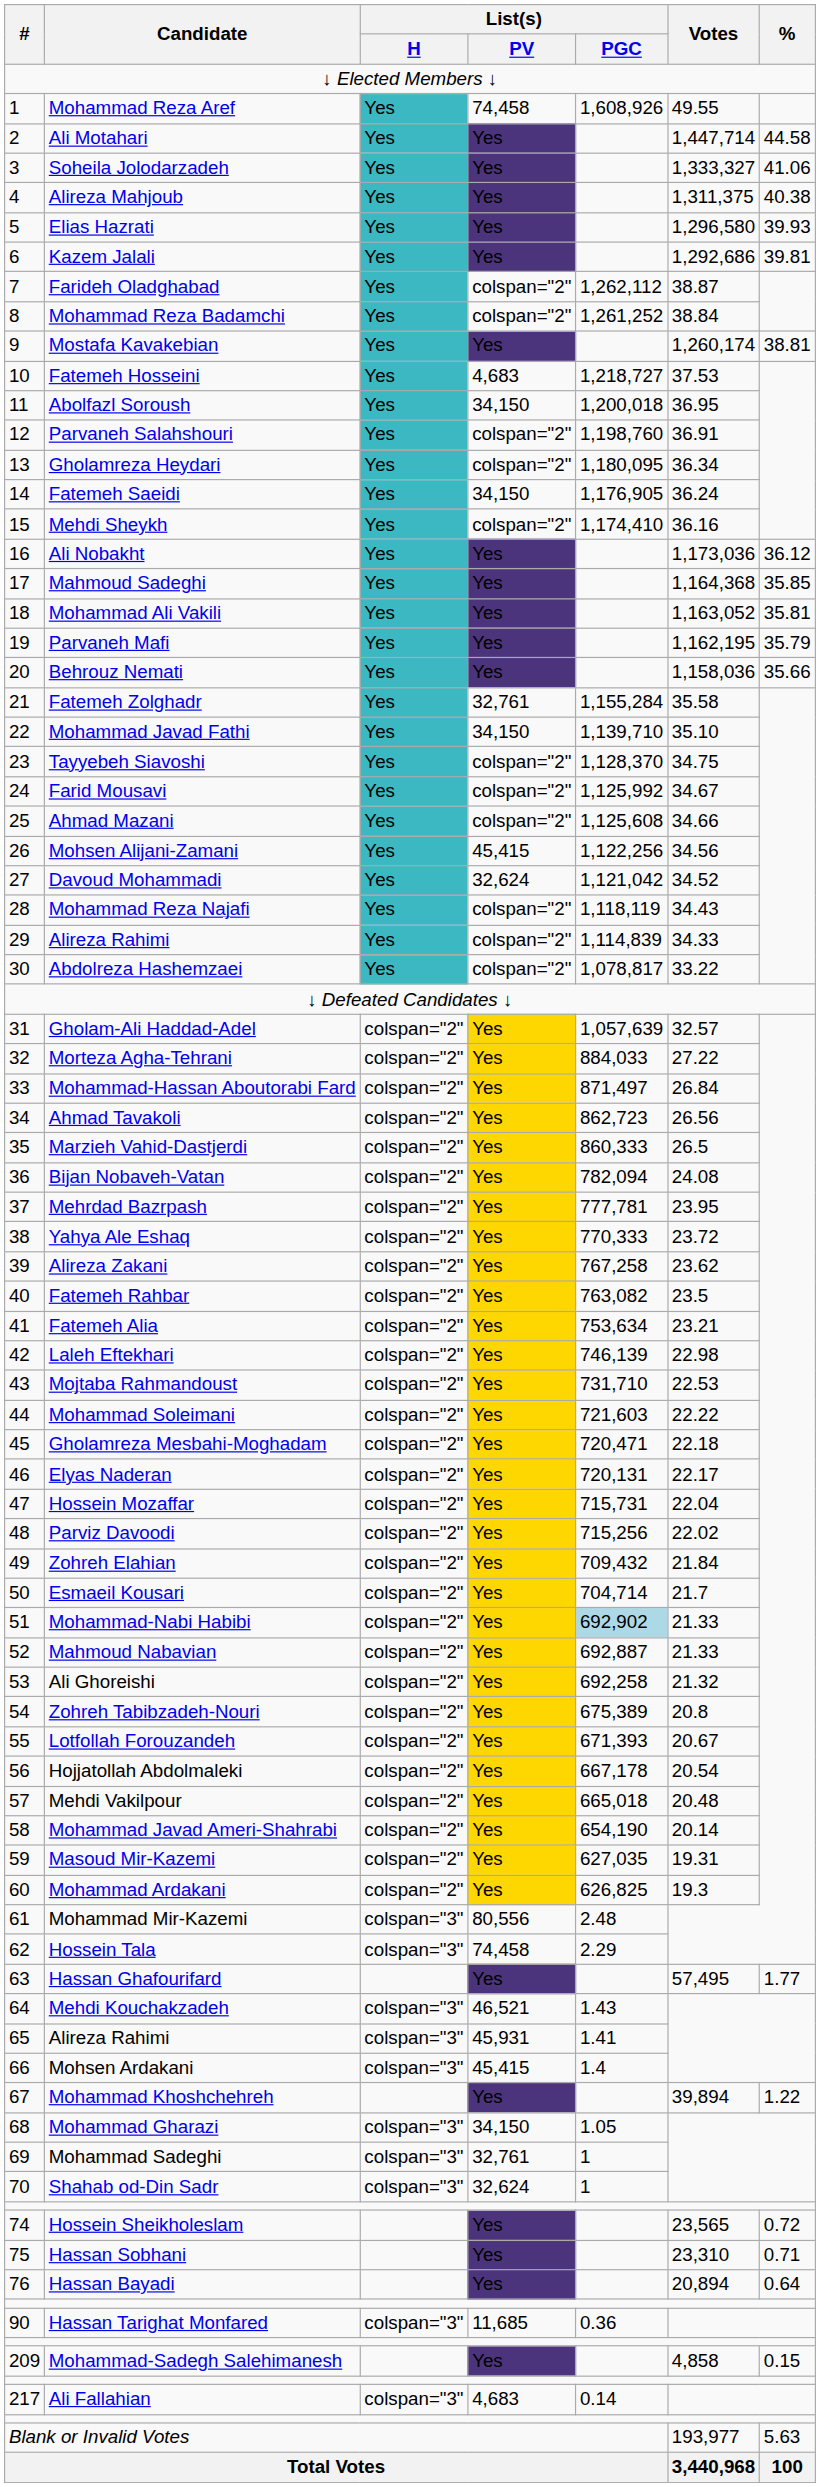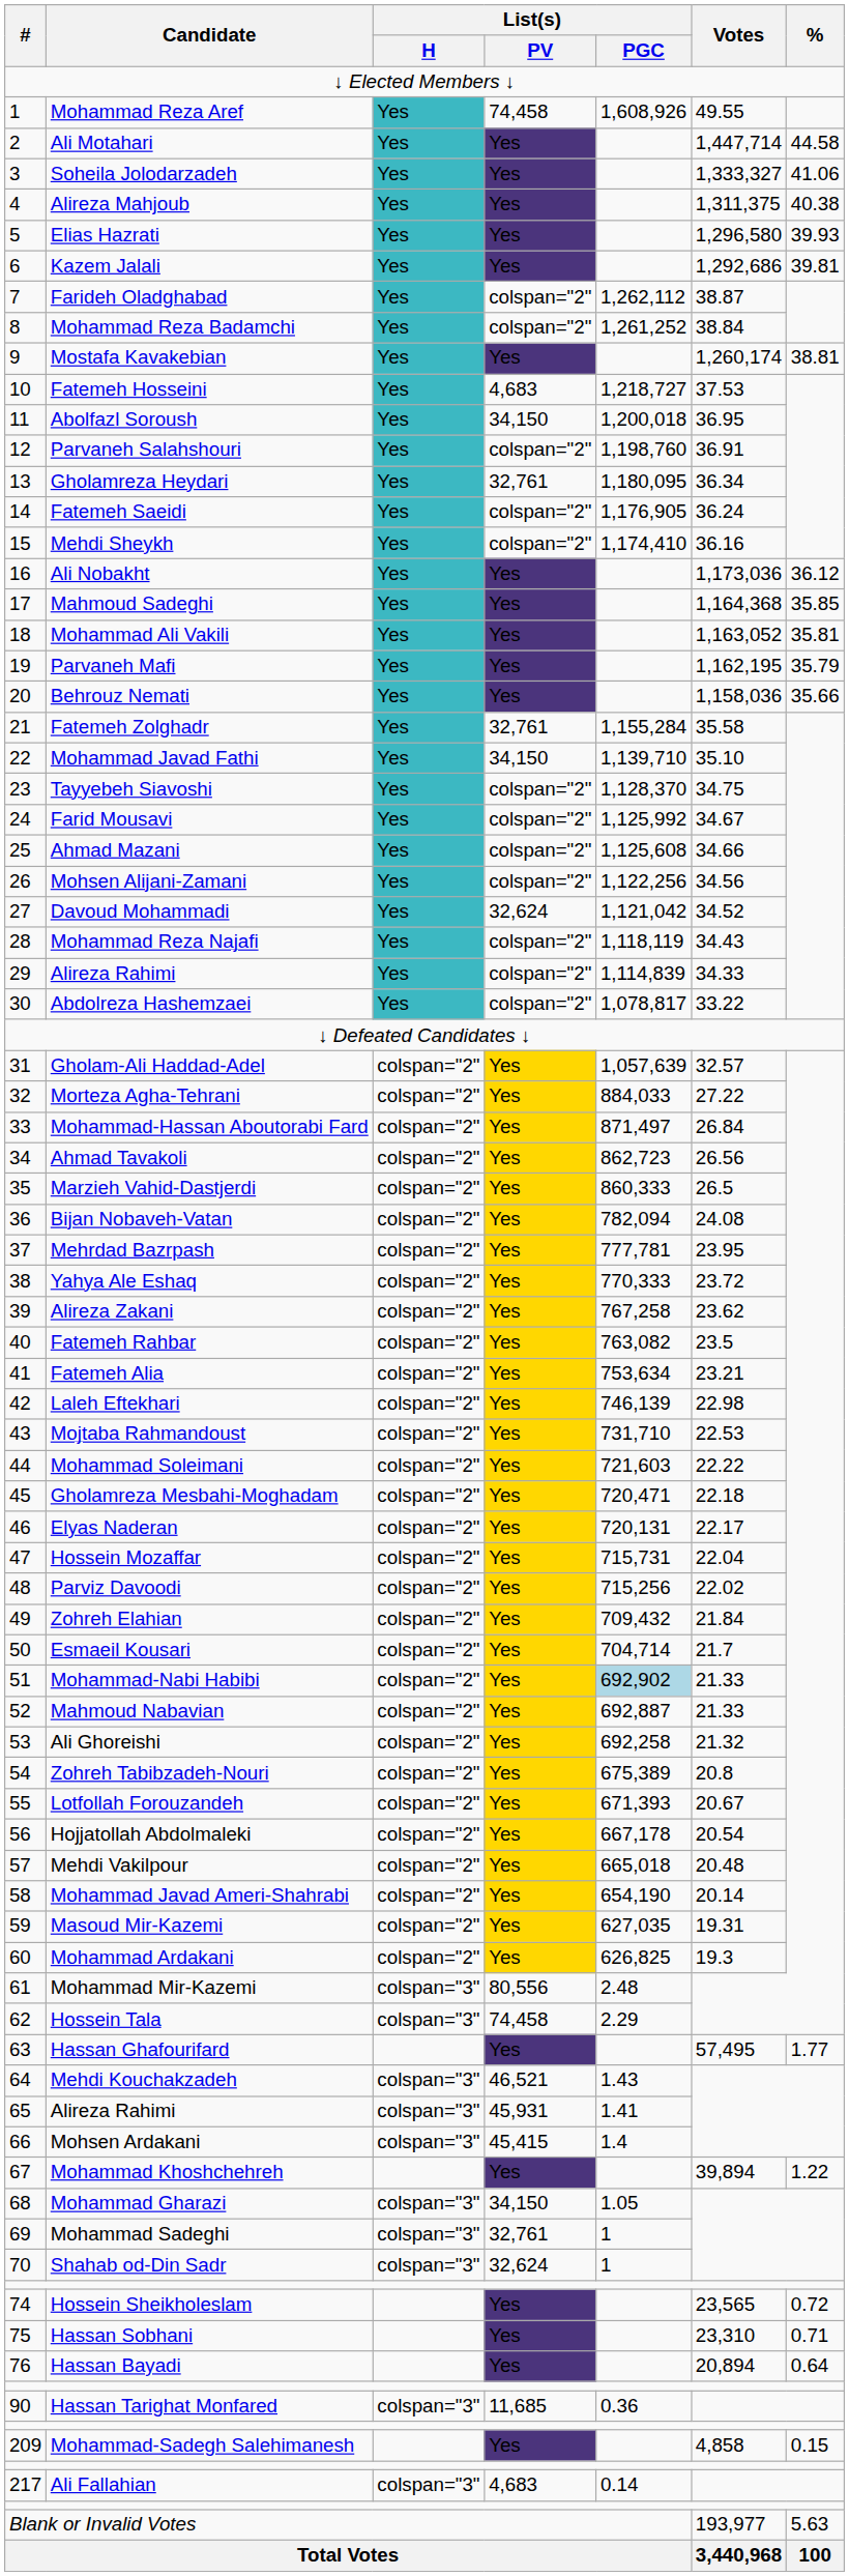 <table class="wikitable">
 <tr>
 <th rowspan="2">#</th>
 <th rowspan="2">Candidate</th>
 <th colspan="3">List(s)</th>
 <th rowspan="2">Votes</th>
 <th rowspan="2">%</th>
 </tr>
 <tr>
 <th><a href='#'>H</a></th>
 <th><a href='#'>PV</a></th>
 <th><a href='#'>PGC</a></th>
 </tr>
 <tr>
 <td align=center colspan="8">↓ <em>Elected Members</em> ↓</td>
 </tr>
 <tr>
 <td>1</td>
 <td><a href='#'>Mohammad Reza Aref</a></td>
 <td style="background:#3cb8c2;"><span>Yes</span></td>
 <td>74,458</td>
 <td>1,608,926</td>
 <td>49.55</td>
 </tr>
 <tr>
 <td>2</td>
 <td><a href='#'>Ali Motahari</a></td>
 <td style="background:#3cb8c2;"><span>Yes</span></td>
 <td style="background:#4b347c;"><span>Yes</span></td>
 <td></td>
 <td>1,447,714</td>
 <td>44.58</td>
 </tr>
 <tr>
 <td>3</td>
 <td><a href='#'>Soheila Jolodarzadeh</a></td>
 <td style="background:#3cb8c2;"><span>Yes</span></td>
 <td style="background:#4b347c;"><span>Yes</span></td>
 <td></td>
 <td>1,333,327</td>
 <td>41.06</td>
 </tr>
 <tr>
 <td>4</td>
 <td><a href='#'>Alireza Mahjoub</a></td>
 <td style="background:#3cb8c2;"><span>Yes</span></td>
 <td style="background:#4b347c;"><span>Yes</span></td>
 <td></td>
 <td>1,311,375</td>
 <td>40.38</td>
 </tr>
 <tr>
 <td>5</td>
 <td><a href='#'>Elias Hazrati</a></td>
 <td style="background:#3cb8c2;"><span>Yes</span></td>
 <td style="background:#4b347c;"><span>Yes</span></td>
 <td></td>
 <td>1,296,580</td>
 <td>39.93</td>
 </tr>
 <tr>
 <td>6</td>
 <td><a href='#'>Kazem Jalali</a></td>
 <td style="background:#3cb8c2;"><span>Yes</span></td>
 <td style="background:#4b347c;"><span>Yes</span></td>
 <td></td>
 <td>1,292,686</td>
 <td>39.81</td>
 </tr>
 <tr>
 <td>7</td>
 <td><a href='#'>Farideh Oladghabad</a></td>
 <td style="background:#3cb8c2;"><span>Yes</span></td>
 <td>colspan="2" </td>
 <td>1,262,112</td>
 <td>38.87</td>
 </tr>
 <tr>
 <td>8</td>
 <td><a href='#'>Mohammad Reza Badamchi</a></td>
 <td style="background:#3cb8c2;"><span>Yes</span></td>
 <td>colspan="2" </td>
 <td>1,261,252</td>
 <td>38.84</td>
 </tr>
 <tr>
 <td>9</td>
 <td><a href='#'>Mostafa Kavakebian</a></td>
 <td style="background:#3cb8c2;"><span>Yes</span></td>
 <td style="background:#4b347c;"><span>Yes</span></td>
 <td></td>
 <td>1,260,174</td>
 <td>38.81</td>
 </tr>
 <tr>
 <td>10</td>
 <td><a href='#'>Fatemeh Hosseini</a></td>
 <td style="background:#3cb8c2;"><span>Yes</span></td>
 <td>4,683</td>
 <td>1,218,727</td>
 <td>37.53</td>
 </tr>
 <tr>
 <td>11</td>
 <td><a href='#'>Abolfazl Soroush</a></td>
 <td style="background:#3cb8c2;"><span>Yes</span></td>
 <td>34,150</td>
 <td>1,200,018</td>
 <td>36.95</td>
 </tr>
 <tr>
 <td>12</td>
 <td><a href='#'>Parvaneh Salahshouri</a></td>
 <td style="background:#3cb8c2;"><span>Yes</span></td>
 <td>colspan="2" </td>
 <td>1,198,760</td>
 <td>36.91</td>
 </tr>
 <tr>
 <td>13</td>
 <td><a href='#'>Gholamreza Heydari</a></td>
 <td style="background:#3cb8c2;"><span>Yes</span></td>
-<td>colspan="2" </td>
+<td>32,761</td>
 <td>1,180,095</td>
 <td>36.34</td>
 </tr>
 <tr>
 <td>14</td>
 <td><a href='#'>Fatemeh Saeidi</a></td>
 <td style="background:#3cb8c2;"><span>Yes</span></td>
-<td>34,150</td>
+<td>colspan="2" </td>
 <td>1,176,905</td>
 <td>36.24</td>
 </tr>
 <tr>
 <td>15</td>
 <td><a href='#'>Mehdi Sheykh</a></td>
 <td style="background:#3cb8c2;"><span>Yes</span></td>
 <td>colspan="2" </td>
 <td>1,174,410</td>
 <td>36.16</td>
 </tr>
 <tr>
 <td>16</td>
 <td><a href='#'>Ali Nobakht</a></td>
 <td style="background:#3cb8c2;"><span>Yes</span></td>
 <td style="background:#4b347c;"><span>Yes</span></td>
 <td></td>
 <td>1,173,036</td>
 <td>36.12</td>
 </tr>
 <tr>
 <td>17</td>
 <td><a href='#'>Mahmoud Sadeghi</a></td>
 <td style="background:#3cb8c2;"><span>Yes</span></td>
 <td style="background:#4b347c;"><span>Yes</span></td>
 <td></td>
 <td>1,164,368</td>
 <td>35.85</td>
 </tr>
 <tr>
 <td>18</td>
 <td><a href='#'>Mohammad Ali Vakili</a></td>
 <td style="background:#3cb8c2;"><span>Yes</span></td>
 <td style="background:#4b347c;"><span>Yes</span></td>
 <td></td>
 <td>1,163,052</td>
 <td>35.81</td>
 </tr>
 <tr>
 <td>19</td>
 <td><a href='#'>Parvaneh Mafi</a></td>
 <td style="background:#3cb8c2;"><span>Yes</span></td>
 <td style="background:#4b347c;"><span>Yes</span></td>
 <td></td>
 <td>1,162,195</td>
 <td>35.79</td>
 </tr>
 <tr>
 <td>20</td>
 <td><a href='#'>Behrouz Nemati</a></td>
 <td style="background:#3cb8c2;"><span>Yes</span></td>
 <td style="background:#4b347c;"><span>Yes</span></td>
 <td></td>
 <td>1,158,036</td>
 <td>35.66</td>
 </tr>
 <tr>
 <td>21</td>
 <td><a href='#'>Fatemeh Zolghadr</a></td>
 <td style="background:#3cb8c2;"><span>Yes</span></td>
 <td>32,761</td>
 <td>1,155,284</td>
 <td>35.58</td>
 </tr>
 <tr>
 <td>22</td>
 <td><a href='#'>Mohammad Javad Fathi</a></td>
 <td style="background:#3cb8c2;"><span>Yes</span></td>
 <td>34,150</td>
 <td>1,139,710</td>
 <td>35.10</td>
 </tr>
 <tr>
 <td>23</td>
 <td><a href='#'>Tayyebeh Siavoshi</a></td>
 <td style="background:#3cb8c2;"><span>Yes</span></td>
 <td>colspan="2" </td>
 <td>1,128,370</td>
 <td>34.75</td>
 </tr>
 <tr>
 <td>24</td>
 <td><a href='#'>Farid Mousavi</a></td>
 <td style="background:#3cb8c2;"><span>Yes</span></td>
 <td>colspan="2" </td>
 <td>1,125,992</td>
 <td>34.67</td>
 </tr>
 <tr>
 <td>25</td>
 <td><a href='#'>Ahmad Mazani</a></td>
 <td style="background:#3cb8c2;"><span>Yes</span></td>
 <td>colspan="2" </td>
 <td>1,125,608</td>
 <td>34.66</td>
 </tr>
 <tr>
 <td>26</td>
 <td><a href='#'>Mohsen Alijani-Zamani</a></td>
 <td style="background:#3cb8c2;"><span>Yes</span></td>
-<td>45,415</td>
+<td>colspan="2" </td>
 <td>1,122,256</td>
 <td>34.56</td>
 </tr>
 <tr>
 <td>27</td>
 <td><a href='#'>Davoud Mohammadi</a></td>
 <td style="background:#3cb8c2;"><span>Yes</span></td>
 <td>32,624</td>
 <td>1,121,042</td>
 <td>34.52</td>
 </tr>
 <tr>
 <td>28</td>
 <td><a href='#'>Mohammad Reza Najafi</a></td>
 <td style="background:#3cb8c2;"><span>Yes</span></td>
 <td>colspan="2" </td>
 <td>1,118,119</td>
 <td>34.43</td>
 </tr>
 <tr>
 <td>29</td>
 <td><a href='#'>Alireza Rahimi</a></td>
 <td style="background:#3cb8c2;"><span>Yes</span></td>
 <td>colspan="2" </td>
 <td>1,114,839</td>
 <td>34.33</td>
 </tr>
 <tr>
 <td>30</td>
 <td><a href='#'>Abdolreza Hashemzaei</a></td>
 <td style="background:#3cb8c2;"><span>Yes</span></td>
 <td>colspan="2" </td>
 <td>1,078,817</td>
 <td>33.22</td>
 </tr>
 <tr>
 <td align=center colspan="8">↓ <em>Defeated Candidates</em> ↓</td>
 </tr>
 <tr>
 <td>31</td>
 <td><a href='#'>Gholam-Ali Haddad-Adel</a></td>
 <td>colspan="2" </td>
 <td style="background:#ffd700;"><span>Yes</span></td>
 <td>1,057,639</td>
 <td>32.57</td>
 </tr>
 <tr>
 <td>32</td>
 <td><a href='#'>Morteza Agha-Tehrani</a></td>
 <td>colspan="2" </td>
 <td style="background:#ffd700;"><span>Yes</span></td>
 <td>884,033</td>
 <td>27.22</td>
 </tr>
 <tr>
 <td>33</td>
 <td><a href='#'>Mohammad-Hassan Aboutorabi Fard</a></td>
 <td>colspan="2" </td>
 <td style="background:#ffd700;"><span>Yes</span></td>
 <td>871,497</td>
 <td>26.84</td>
 </tr>
 <tr>
 <td>34</td>
 <td><a href='#'>Ahmad Tavakoli</a></td>
 <td>colspan="2" </td>
 <td style="background:#ffd700;"><span>Yes</span></td>
 <td>862,723</td>
 <td>26.56</td>
 </tr>
 <tr>
 <td>35</td>
 <td><a href='#'>Marzieh Vahid-Dastjerdi</a></td>
 <td>colspan="2" </td>
 <td style="background:#ffd700;"><span>Yes</span></td>
 <td>860,333</td>
 <td>26.5</td>
 </tr>
 <tr>
 <td>36</td>
 <td><a href='#'>Bijan Nobaveh-Vatan</a></td>
 <td>colspan="2" </td>
 <td style="background:#ffd700;"><span>Yes</span></td>
 <td>782,094</td>
 <td>24.08</td>
 </tr>
 <tr>
 <td>37</td>
 <td><a href='#'>Mehrdad Bazrpash</a></td>
 <td>colspan="2" </td>
 <td style="background:#ffd700;"><span>Yes</span></td>
 <td>777,781</td>
 <td>23.95</td>
 </tr>
 <tr>
 <td>38</td>
 <td><a href='#'>Yahya Ale Eshaq</a></td>
 <td>colspan="2" </td>
 <td style="background:#ffd700;"><span>Yes</span></td>
 <td>770,333</td>
 <td>23.72</td>
 </tr>
 <tr>
 <td>39</td>
 <td><a href='#'>Alireza Zakani</a></td>
 <td>colspan="2" </td>
 <td style="background:#ffd700;"><span>Yes</span></td>
 <td>767,258</td>
 <td>23.62</td>
 </tr>
 <tr>
 <td>40</td>
 <td><a href='#'>Fatemeh Rahbar</a></td>
 <td>colspan="2" </td>
 <td style="background:#ffd700;"><span>Yes</span></td>
 <td>763,082</td>
 <td>23.5</td>
 </tr>
 <tr>
 <td>41</td>
 <td><a href='#'>Fatemeh Alia</a></td>
 <td>colspan="2" </td>
 <td style="background:#ffd700;"><span>Yes</span></td>
 <td>753,634</td>
 <td>23.21</td>
 </tr>
 <tr>
 <td>42</td>
 <td><a href='#'>Laleh Eftekhari</a></td>
 <td>colspan="2" </td>
 <td style="background:#ffd700;"><span>Yes</span></td>
 <td>746,139</td>
 <td>22.98</td>
 </tr>
 <tr>
 <td>43</td>
 <td><a href='#'>Mojtaba Rahmandoust</a></td>
 <td>colspan="2" </td>
 <td style="background:#ffd700;"><span>Yes</span></td>
 <td>731,710</td>
 <td>22.53</td>
 </tr>
 <tr>
 <td>44</td>
 <td><a href='#'>Mohammad Soleimani</a></td>
 <td>colspan="2" </td>
 <td style="background:#ffd700;"><span>Yes</span></td>
 <td>721,603</td>
 <td>22.22</td>
 </tr>
 <tr>
 <td>45</td>
 <td><a href='#'>Gholamreza Mesbahi-Moghadam</a></td>
 <td>colspan="2" </td>
 <td style="background:#ffd700;"><span>Yes</span></td>
 <td>720,471</td>
 <td>22.18</td>
 </tr>
 <tr>
 <td>46</td>
 <td><a href='#'>Elyas Naderan</a></td>
 <td>colspan="2" </td>
 <td style="background:#ffd700;"><span>Yes</span></td>
 <td>720,131</td>
 <td>22.17</td>
 </tr>
 <tr>
 <td>47</td>
 <td><a href='#'>Hossein Mozaffar</a></td>
 <td>colspan="2" </td>
 <td style="background:#ffd700;"><span>Yes</span></td>
 <td>715,731</td>
 <td>22.04</td>
 </tr>
 <tr>
 <td>48</td>
 <td><a href='#'>Parviz Davoodi</a></td>
 <td>colspan="2" </td>
 <td style="background:#ffd700;"><span>Yes</span></td>
 <td>715,256</td>
 <td>22.02</td>
 </tr>
 <tr>
 <td>49</td>
 <td><a href='#'>Zohreh Elahian</a></td>
 <td>colspan="2" </td>
 <td style="background:#ffd700;"><span>Yes</span></td>
 <td>709,432</td>
 <td>21.84</td>
 </tr>
 <tr>
 <td>50</td>
 <td><a href='#'>Esmaeil Kousari</a></td>
 <td>colspan="2" </td>
 <td style="background:#ffd700;"><span>Yes</span></td>
 <td>704,714</td>
 <td>21.7</td>
 </tr>
 <tr>
 <td>51</td>
 <td><a href='#'>Mohammad-Nabi Habibi</a></td>
 <td>colspan="2" </td>
 <td style="background:#ffd700;"><span>Yes</span></td>
 <td style="background: lightblue;">692,902</td>
 <td>21.33</td>
 </tr>
 <tr>
 <td>52</td>
 <td><a href='#'>Mahmoud Nabavian</a></td>
 <td>colspan="2" </td>
 <td style="background:#ffd700;"><span>Yes</span></td>
 <td>692,887</td>
 <td>21.33</td>
 </tr>
 <tr>
 <td>53</td>
 <td>Ali Ghoreishi</td>
 <td>colspan="2" </td>
 <td style="background:#ffd700;"><span>Yes</span></td>
 <td>692,258</td>
 <td>21.32</td>
 </tr>
 <tr>
 <td>54</td>
 <td><a href='#'>Zohreh Tabibzadeh-Nouri</a></td>
 <td>colspan="2" </td>
 <td style="background:#ffd700;"><span>Yes</span></td>
 <td>675,389</td>
 <td>20.8</td>
 </tr>
 <tr>
 <td>55</td>
 <td><a href='#'>Lotfollah Forouzandeh</a></td>
 <td>colspan="2" </td>
 <td style="background:#ffd700;"><span>Yes</span></td>
 <td>671,393</td>
 <td>20.67</td>
 </tr>
 <tr>
 <td>56</td>
 <td>Hojjatollah Abdolmaleki</td>
 <td>colspan="2" </td>
 <td style="background:#ffd700;"><span>Yes</span></td>
 <td>667,178</td>
 <td>20.54</td>
 </tr>
 <tr>
 <td>57</td>
 <td>Mehdi Vakilpour</td>
 <td>colspan="2" </td>
 <td style="background:#ffd700;"><span>Yes</span></td>
 <td>665,018</td>
 <td>20.48</td>
 </tr>
 <tr>
 <td>58</td>
 <td><a href='#'>Mohammad Javad Ameri-Shahrabi</a></td>
 <td>colspan="2" </td>
 <td style="background:#ffd700;"><span>Yes</span></td>
 <td>654,190</td>
 <td>20.14</td>
 </tr>
 <tr>
 <td>59</td>
 <td><a href='#'>Masoud Mir-Kazemi</a></td>
 <td>colspan="2" </td>
 <td style="background:#ffd700;"><span>Yes</span></td>
 <td>627,035</td>
 <td>19.31</td>
 </tr>
 <tr>
 <td>60</td>
 <td><a href='#'>Mohammad Ardakani</a></td>
 <td>colspan="2" </td>
 <td style="background:#ffd700;"><span>Yes</span></td>
 <td>626,825</td>
 <td>19.3</td>
 </tr>
 <tr>
 <td>61</td>
 <td>Mohammad Mir-Kazemi</td>
 <td>colspan="3" </td>
 <td>80,556</td>
 <td>2.48</td>
 </tr>
 <tr>
 <td>62</td>
 <td><a href='#'>Hossein Tala</a></td>
 <td>colspan="3" </td>
 <td>74,458</td>
 <td>2.29</td>
 </tr>
 <tr>
 <td>63</td>
 <td><a href='#'>Hassan Ghafourifard</a></td>
 <td></td>
 <td style="background:#4b347c;"><span>Yes</span></td>
 <td></td>
 <td>57,495</td>
 <td>1.77</td>
 </tr>
 <tr>
 <td>64</td>
 <td><a href='#'>Mehdi Kouchakzadeh</a></td>
 <td>colspan="3" </td>
 <td>46,521</td>
 <td>1.43</td>
 </tr>
 <tr>
 <td>65</td>
 <td>Alireza Rahimi</td>
 <td>colspan="3" </td>
 <td>45,931</td>
 <td>1.41</td>
 </tr>
 <tr>
 <td>66</td>
 <td>Mohsen Ardakani</td>
 <td>colspan="3" </td>
 <td>45,415</td>
 <td>1.4</td>
 </tr>
 <tr>
 <td>67</td>
 <td><a href='#'>Mohammad Khoshchehreh</a></td>
 <td></td>
 <td style="background:#4b347c;"><span>Yes</span></td>
 <td></td>
 <td>39,894</td>
 <td>1.22</td>
 </tr>
 <tr>
 <td>68</td>
 <td><a href='#'>Mohammad Gharazi</a></td>
 <td>colspan="3" </td>
 <td>34,150</td>
 <td>1.05</td>
 </tr>
 <tr>
 <td>69</td>
 <td>Mohammad Sadeghi</td>
 <td>colspan="3" </td>
 <td>32,761</td>
 <td>1</td>
 </tr>
 <tr>
 <td>70</td>
 <td><a href='#'>Shahab od-Din Sadr</a></td>
 <td>colspan="3" </td>
 <td>32,624</td>
 <td>1</td>
 </tr>
 <tr>
 <td colspan="8"></td>
 </tr>
 <tr>
 <td>74</td>
 <td><a href='#'>Hossein Sheikholeslam</a></td>
 <td></td>
 <td style="background:#4b347c;"><span>Yes</span></td>
 <td></td>
 <td>23,565</td>
 <td>0.72</td>
 </tr>
 <tr>
 <td>75</td>
 <td><a href='#'>Hassan Sobhani</a></td>
 <td></td>
 <td style="background:#4b347c;"><span>Yes</span></td>
 <td></td>
 <td>23,310</td>
 <td>0.71</td>
 </tr>
 <tr>
 <td>76</td>
 <td><a href='#'>Hassan Bayadi</a></td>
 <td></td>
 <td style="background:#4b347c;"><span>Yes</span></td>
 <td></td>
 <td>20,894</td>
 <td>0.64</td>
 </tr>
 <tr>
 <td colspan="8"></td>
 </tr>
 <tr>
 <td>90</td>
 <td><a href='#'>Hassan Tarighat Monfared</a></td>
 <td>colspan="3" </td>
 <td>11,685</td>
 <td>0.36</td>
 </tr>
 <tr>
 <td colspan="8"></td>
 </tr>
 <tr>
 <td>209</td>
 <td><a href='#'>Mohammad-Sadegh Salehimanesh</a></td>
 <td></td>
 <td style="background:#4b347c;"><span>Yes</span></td>
 <td></td>
 <td>4,858</td>
 <td>0.15</td>
 </tr>
 <tr>
 <td colspan="8"></td>
 </tr>
 <tr>
 <td>217</td>
 <td><a href='#'>Ali Fallahian</a></td>
 <td>colspan="3" </td>
 <td>4,683</td>
 <td>0.14</td>
 </tr>
 <tr>
 <td colspan="7"></td>
 </tr>
 <tr>
 <td colspan="5"><em>Blank or Invalid Votes</em></td>
 <td>193,977</td>
 <td>5.63</td>
 </tr>
 <tr>
 <th colspan="5">Total Votes</th>
 <th>3,440,968</th>
 <th>100</th>
 </tr>
 </table>
